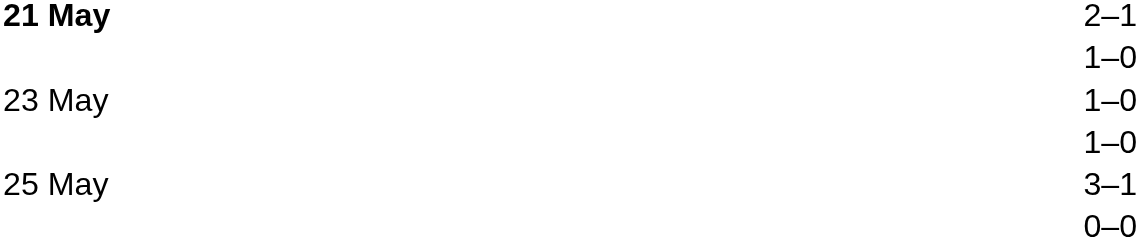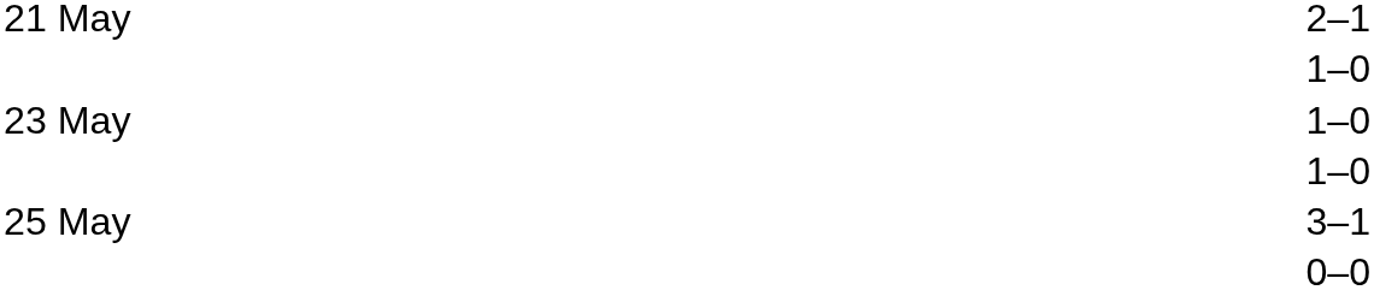 <table cellspacing=1 width=70%>
 <tr>
 <th width=25%></th>
 <th width=30%></th>
 <th width=15%></th>
 <th width=30%></th>
 </tr>
 <tr>
-<td><strong>21 May</strong></td>
+<td>21 May</td>
 <td align=right></td>
 <td align=center>2–1</td>
 <td></td>
 </tr>
 <tr>
 <td></td>
 <td align=right></td>
 <td align=center>1–0</td>
 <td></td>
 </tr>
 <tr>
 <td>23 May</td>
 <td align=right></td>
 <td align=center>1–0</td>
 <td></td>
 </tr>
 <tr>
 <td></td>
 <td align=right></td>
 <td align=center>1–0</td>
 <td></td>
 </tr>
 <tr>
 <td>25 May</td>
 <td align=right></td>
 <td align=center>3–1</td>
 <td></td>
 </tr>
 <tr>
 <td></td>
 <td align=right></td>
 <td align=center>0–0</td>
 <td></td>
 </tr>
 </table>
